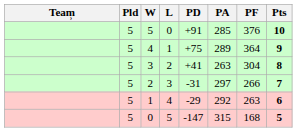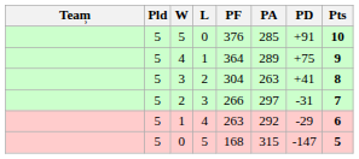 <table class=wikitable style="text-align:center">
 <tr>
 <th width=160>Team̹̹</th>
 <th width=20>Pld</th>
 <th width=20>W</th>
 <th width=20>L</th>
+<th width=35>PF</th>
+<th width=35>PA</th>
 <th width=35>PD</th>
-<th width=35>PA</th>
-<th width=35>PF</th>
 <th width=30>Pts</th>
 </tr>
 <tr bgcolor=#ccffcc>
 <td align=left></td>
 <td>5</td>
 <td>5</td>
 <td>0</td>
+<td>376</td>
+<td>285</td>
 <td>+91</td>
-<td>285</td>
-<td>376</td>
 <td><strong>10</strong></td>
 </tr>
 <tr bgcolor=#ccffcc>
 <td align=left></td>
 <td>5</td>
 <td>4</td>
 <td>1</td>
+<td>364</td>
+<td>289</td>
 <td>+75</td>
-<td>289</td>
-<td>364</td>
 <td><strong>9</strong></td>
 </tr>
 <tr bgcolor=#ccffcc>
 <td align=left></td>
 <td>5</td>
 <td>3</td>
 <td>2</td>
+<td>304</td>
+<td>263</td>
 <td>+41</td>
-<td>263</td>
-<td>304</td>
 <td><strong>8</strong></td>
 </tr>
 <tr bgcolor=#ccffcc>
 <td align=left></td>
 <td>5</td>
 <td>2</td>
 <td>3</td>
+<td>266</td>
+<td>297</td>
 <td>-31</td>
-<td>297</td>
-<td>266</td>
 <td><strong>7</strong></td>
 </tr>
 <tr bgcolor=#ffcccc>
 <td align=left></td>
 <td>5</td>
 <td>1</td>
 <td>4</td>
+<td>263</td>
+<td>292</td>
 <td>-29</td>
-<td>292</td>
-<td>263</td>
 <td><strong>6</strong></td>
 </tr>
 <tr bgcolor=#ffcccc>
 <td align=left></td>
 <td>5</td>
 <td>0</td>
 <td>5</td>
+<td>168</td>
+<td>315</td>
 <td>-147</td>
-<td>315</td>
-<td>168</td>
 <td><strong>5</strong></td>
 </tr>
 </table>
